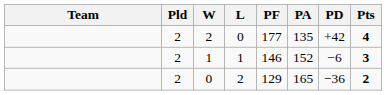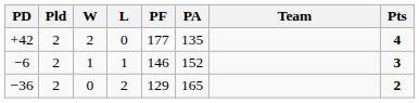 <table class=wikitable style="text-align:center">
 <tr>
-<th width=180>Team</th>
+<th width=30>PD</th>
 <th width=30>Pld</th>
 <th width=30>W</th>
 <th width=30>L</th>
 <th width=30>PF</th>
 <th width=30>PA</th>
-<th width=30>PD</th>
+<th width=180>Team</th>
 <th width=30>Pts</th>
 </tr>
 <tr>
-<td align="left"></td>
+<td>+42</td>
 <td>2</td>
 <td>2</td>
 <td>0</td>
 <td>177</td>
 <td>135</td>
-<td>+42</td>
+<td align="left"></td>
 <td><strong>4</strong></td>
 </tr>
 <tr>
-<td align="left"></td>
+<td>−6</td>
 <td>2</td>
 <td>1</td>
 <td>1</td>
 <td>146</td>
 <td>152</td>
-<td>−6</td>
+<td align="left"></td>
 <td><strong>3</strong></td>
 </tr>
 <tr>
-<td align="left"></td>
+<td>−36</td>
 <td>2</td>
 <td>0</td>
 <td>2</td>
 <td>129</td>
 <td>165</td>
-<td>−36</td>
+<td align="left"></td>
 <td><strong>2</strong></td>
 </tr>
 </table>
